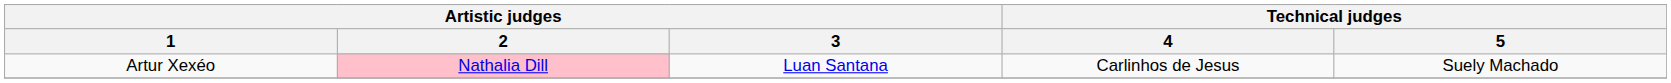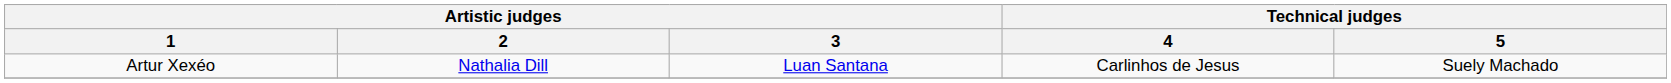 <table class="wikitable" style="font-size:100%; line-height:16px; text-align:center" width="100%">
 <tr>
 <th colspan=3>Artistic judges</th>
 <th colspan=2>Technical judges</th>
 </tr>
 <tr>
 <th width="20.0%">1</th>
 <th width="20.0%">2</th>
 <th width="20.0%">3</th>
 <th width="20.0%">4</th>
 <th width="20.0%">5</th>
 </tr>
 <tr>
 <td>Artur Xexéo</td>
-<td style="background: pink;"><a href='#'>Nathalia Dill</a></td>
+<td><a href='#'>Nathalia Dill</a></td>
 <td><a href='#'>Luan Santana</a></td>
 <td>Carlinhos de Jesus</td>
 <td>Suely Machado</td>
 </tr>
 <tr>
 </tr>
 </table>
